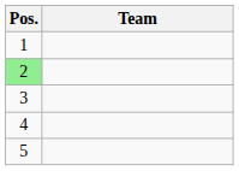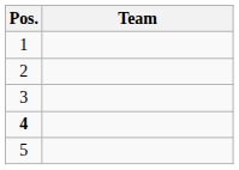 <table class="wikitable">
 <tr>
 <th>Pos.</th>
 <th width=175>Team</th>
 </tr>
 <tr>
 <td align="center">1</td>
 <td></td>
 </tr>
 <tr>
-<td align="center" style="background: lightgreen;">2</td>
+<td align="center">2</td>
 <td></td>
 </tr>
 <tr>
 <td align="center">3</td>
 <td></td>
 </tr>
 <tr>
-<td align="center">4</td>
+<td align="center"><strong>4</strong></td>
 <td></td>
 </tr>
 <tr>
 <td align="center">5</td>
 <td></td>
 </tr>
 </table>
